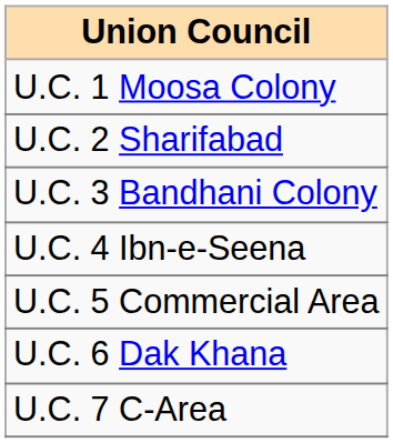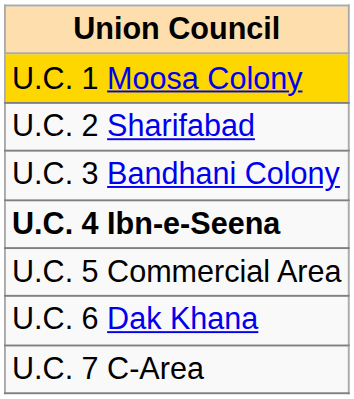 <table class="sortable wikitable" align="left">
 <tr>
 <th style="background:#ffdead;"><strong>Union Council</strong></th>
 </tr>
 <tr>
-<td style="border-bottom:1px solid grey;">U.C. 1 <a href='#'>Moosa Colony</a></td>
+<td style="background: gold; border-bottom:1px solid grey;">U.C. 1 <a href='#'>Moosa Colony</a></td>
 </tr>
 <tr>
 <td style="border-bottom:1px solid grey;">U.C. 2 <a href='#'>Sharifabad</a></td>
 </tr>
 <tr>
 <td style="border-bottom:1px solid grey;">U.C. 3 <a href='#'>Bandhani Colony</a></td>
 </tr>
 <tr>
-<td style="border-bottom:1px solid grey;">U.C. 4 Ibn-e-Seena</td>
+<td style="border-bottom:1px solid grey;"><strong>U.C. 4 Ibn-e-Seena</strong></td>
 </tr>
 <tr>
 <td style="border-bottom:1px solid grey;">U.C. 5 Commercial Area</td>
 </tr>
 <tr>
 <td style="border-bottom:1px solid grey;">U.C. 6 <a href='#'>Dak Khana</a></td>
 </tr>
 <tr>
 <td style="border-bottom:1px solid grey;">U.C. 7 C-Area</td>
 </tr>
 </table>
